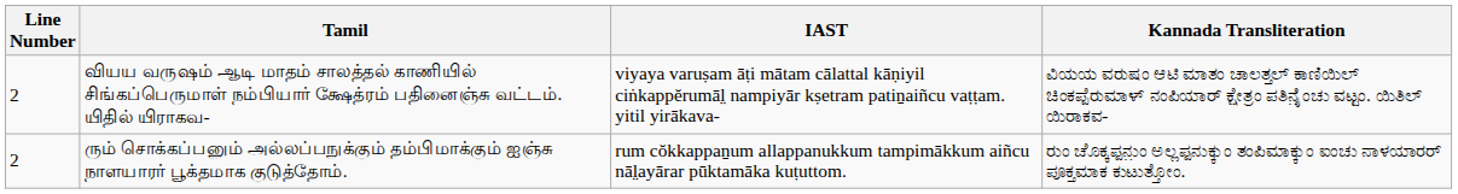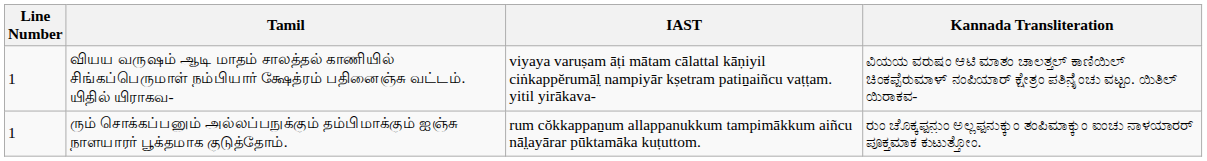 <table class="wikitable">
 <tr>
 <th>Line<br>Number</th>
 <th>Tamil</th>
 <th>IAST</th>
 <th>Kannada Transliteration</th>
 </tr>
 <tr>
-<td>2</td>
+<td>1</td>
 <td>வியய வருஷம் ஆடி மாதம் சாலத்தல் காணியில் சிங்கப்பெருமாள் நம்பியார் க்ஷேத்ரம் பதினைஞ்சு வட்டம். யிதில் யிராகவ‑</td>
 <td>viyaya varuṣam āṭi mātam cālattal kāṇiyil ciṅkappĕrumāl̤ nampiyār kṣetram patiṉaiñcu vaṭṭam. yitil yirākava‑</td>
 <td>ವಿಯಯ ವರುಷಂ ಆಟಿ ಮಾತಂ  ಚಾಲತ್ತಲ್ ಕಾಣಿಯಿಲ್ ಚಿಂಕಪ್ಪೆರುಮಾಳ್ ನಂಪಿಯಾರ್ ಕ್ಷೇತ್ರಂ ಪತಿನ಼ೈಂಚು ವಟ್ಟಂ. ಯಿತಿಲ್ ಯಿರಾಕವ‑</td>
 </tr>
 <tr>
-<td>2</td>
+<td>1</td>
 <td>ரும் சொக்கப்பனும் அல்லப்பநுக்கும் தம்பிமாக்கும் ஐஞ்சு நாளயாரர் பூக்தமாக குடுத்தோம்.</td>
 <td>rum cŏkkappaṉum allappanukkum tampimākkum aiñcu nāl̤ayārar pūktamāka kuṭuttom.</td>
 <td>ರುಂ ಚೊಕ್ಕಪ್ಪನ಼ುಂ  ಅಲ್ಲಪ್ಪನುಕ್ಕುಂ ತಂಪಿಮಾಕ್ಕುಂ ಐಂಚು ನಾಳಯಾರರ್ ಪೂಕ್ತಮಾಕ ಕುಟುತ್ತೋಂ.</td>
 </tr>
 </table>
